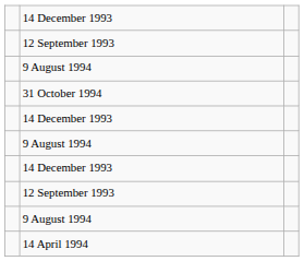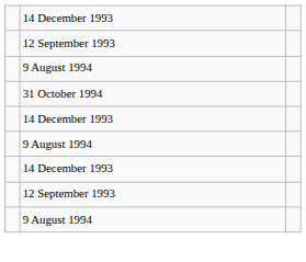 <table class="wikitable" style="font-size: 89%; float: left; width: 25em; margin-right: 1em; line-height: 1.65em !important; height: 270px;">
 <tr>
 <td></td>
 <td>14 December 1993</td>
 <td></td>
 </tr>
 <tr>
 <td></td>
 <td>12 September 1993</td>
 <td></td>
 </tr>
 <tr>
 <td></td>
 <td>9 August 1994</td>
 <td></td>
 </tr>
 <tr>
 <td></td>
 <td>31 October 1994</td>
 <td></td>
 </tr>
 <tr>
 <td></td>
 <td>14 December 1993</td>
 <td></td>
 </tr>
 <tr>
 <td></td>
 <td>9 August 1994</td>
 <td></td>
 </tr>
 <tr>
 <td></td>
 <td>14 December 1993</td>
 <td></td>
 </tr>
 <tr>
 <td></td>
 <td>12 September 1993</td>
 <td></td>
 </tr>
 <tr>
 <td></td>
 <td>9 August 1994</td>
 <td></td>
 </tr>
-<tr>
-<td></td>
-<td>14 April 1994</td>
-<td></td>
-</tr>
 </table>
